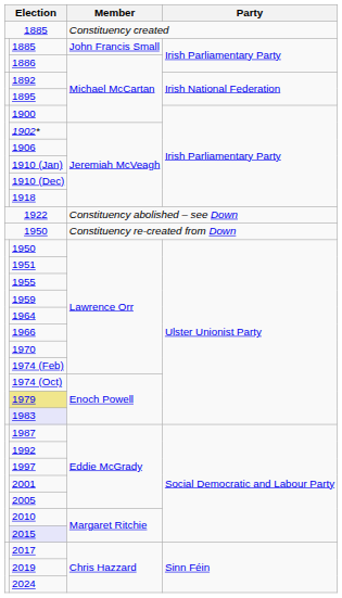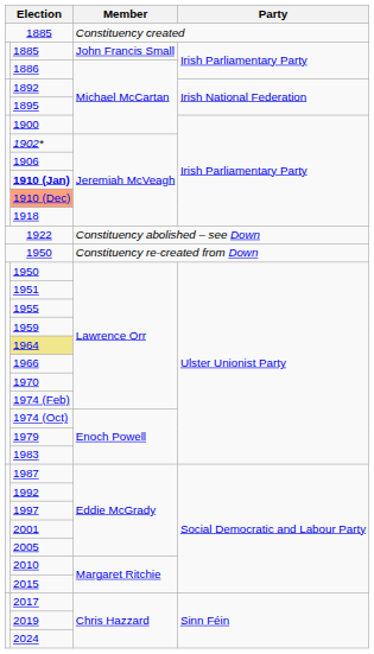 <table class="wikitable">
 <tr>
 <th colspan="2" scope="col">Election</th>
 <th scope="col">Member</th>
 <th scope="col">Party</th>
 </tr>
 <tr>
 <td colspan="2" style="text-align:center;"><a href='#'>1885</a></td>
 <td colspan="2"><em>Constituency created</em></td>
 </tr>
 <tr>
 <td rowspan="2" style="color:inherit;background-color: "></td>
 <td><a href='#'>1885</a></td>
 <td><a href='#'>John Francis Small</a></td>
 <td rowspan="2"><a href='#'>Irish Parliamentary Party</a></td>
 </tr>
 <tr>
 <td><a href='#'>1886</a></td>
 <td rowspan="4"><a href='#'>Michael McCartan</a></td>
 </tr>
 <tr>
 <td rowspan="2" style="color:inherit;background-color: "></td>
 <td><a href='#'>1892</a></td>
 <td rowspan="2"><a href='#'>Irish National Federation</a></td>
 </tr>
 <tr>
 <td><a href='#'>1895</a></td>
 </tr>
 <tr>
 <td rowspan="6" style="color:inherit;background-color: "></td>
 <td><a href='#'>1900</a></td>
 <td rowspan="6"><a href='#'>Irish Parliamentary Party</a></td>
 </tr>
 <tr>
 <td><em><a href='#'>1902</a>*</em></td>
 <td rowspan="5"><a href='#'>Jeremiah McVeagh</a></td>
 </tr>
 <tr>
 <td><a href='#'>1906</a></td>
 </tr>
 <tr>
-<td><a href='#'>1910 (Jan)</a></td>
+<td><strong><a href='#'>1910 (Jan)</a></strong></td>
 </tr>
 <tr>
-<td><a href='#'>1910 (Dec)</a></td>
+<td style="background: lightsalmon;"><a href='#'>1910 (Dec)</a></td>
 </tr>
 <tr>
 <td><a href='#'>1918</a></td>
 </tr>
 <tr>
 <td colspan="2" style="text-align:center;"><a href='#'>1922</a></td>
 <td colspan="2"><em>Constituency abolished – see <a href='#'>Down</a></em></td>
 </tr>
 <tr>
 <td colspan="2" style="text-align:center;"><a href='#'>1950</a></td>
 <td colspan="2"><em>Constituency re-created from <a href='#'>Down</a></em></td>
 </tr>
 <tr>
 <td rowspan="11" style="color:inherit;background-color: "></td>
 <td><a href='#'>1950</a></td>
 <td rowspan="8"><a href='#'>Lawrence Orr</a></td>
 <td rowspan="11"><a href='#'>Ulster Unionist Party</a></td>
 </tr>
 <tr>
 <td><a href='#'>1951</a></td>
 </tr>
 <tr>
 <td><a href='#'>1955</a></td>
 </tr>
 <tr>
 <td><a href='#'>1959</a></td>
 </tr>
 <tr>
-<td><a href='#'>1964</a></td>
+<td style="background: khaki;"><a href='#'>1964</a></td>
 </tr>
 <tr>
 <td><a href='#'>1966</a></td>
 </tr>
 <tr>
 <td><a href='#'>1970</a></td>
 </tr>
 <tr>
 <td><a href='#'>1974 (Feb)</a></td>
 </tr>
 <tr>
 <td><a href='#'>1974 (Oct)</a></td>
 <td rowspan="3"><a href='#'>Enoch Powell</a></td>
 </tr>
 <tr>
-<td style="background: khaki;"><a href='#'>1979</a></td>
+<td><a href='#'>1979</a></td>
 </tr>
 <tr>
-<td style="background: lavender;"><a href='#'>1983</a></td>
+<td><a href='#'>1983</a></td>
 </tr>
 <tr>
 <td rowspan="7" style="color:inherit;background-color: "></td>
 <td><a href='#'>1987</a></td>
 <td rowspan="5"><a href='#'>Eddie McGrady</a></td>
 <td rowspan="7"><a href='#'>Social Democratic and Labour Party</a></td>
 </tr>
 <tr>
 <td><a href='#'>1992</a></td>
 </tr>
 <tr>
 <td><a href='#'>1997</a></td>
 </tr>
 <tr>
 <td><a href='#'>2001</a></td>
 </tr>
 <tr>
 <td><a href='#'>2005</a></td>
 </tr>
 <tr>
 <td><a href='#'>2010</a></td>
 <td rowspan="2"><a href='#'>Margaret Ritchie</a></td>
 </tr>
 <tr>
-<td style="background: lavender;"><a href='#'>2015</a></td>
+<td><a href='#'>2015</a></td>
 </tr>
 <tr>
 <td rowspan="3" style="color:inherit;background-color: "></td>
 <td><a href='#'>2017</a></td>
 <td rowspan="3"><a href='#'>Chris Hazzard</a></td>
 <td rowspan="3"><a href='#'>Sinn Féin</a></td>
 </tr>
 <tr>
 <td><a href='#'>2019</a></td>
 </tr>
 <tr>
 <td><a href='#'>2024</a></td>
 </tr>
 </table>
